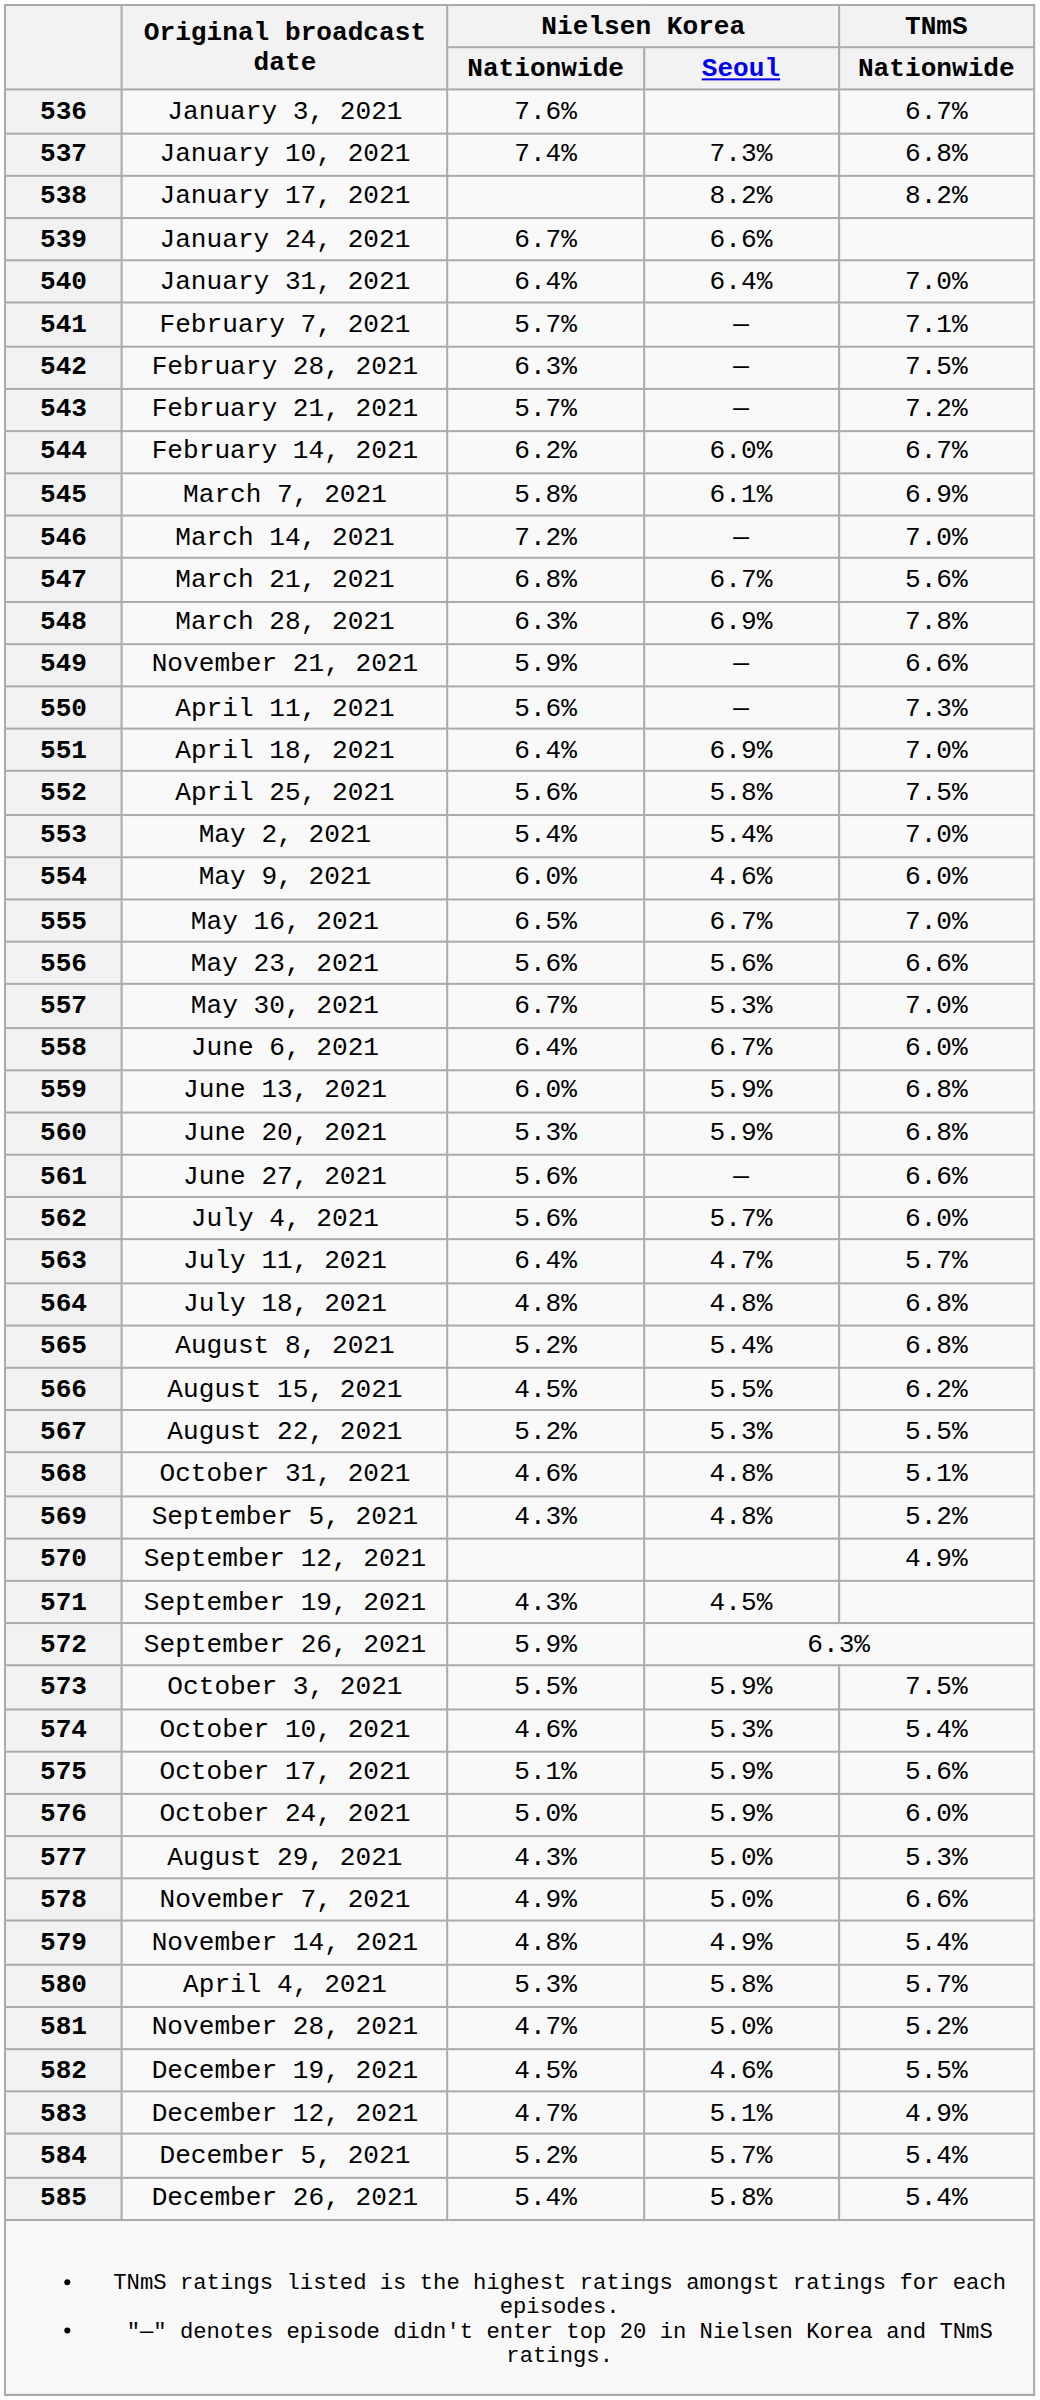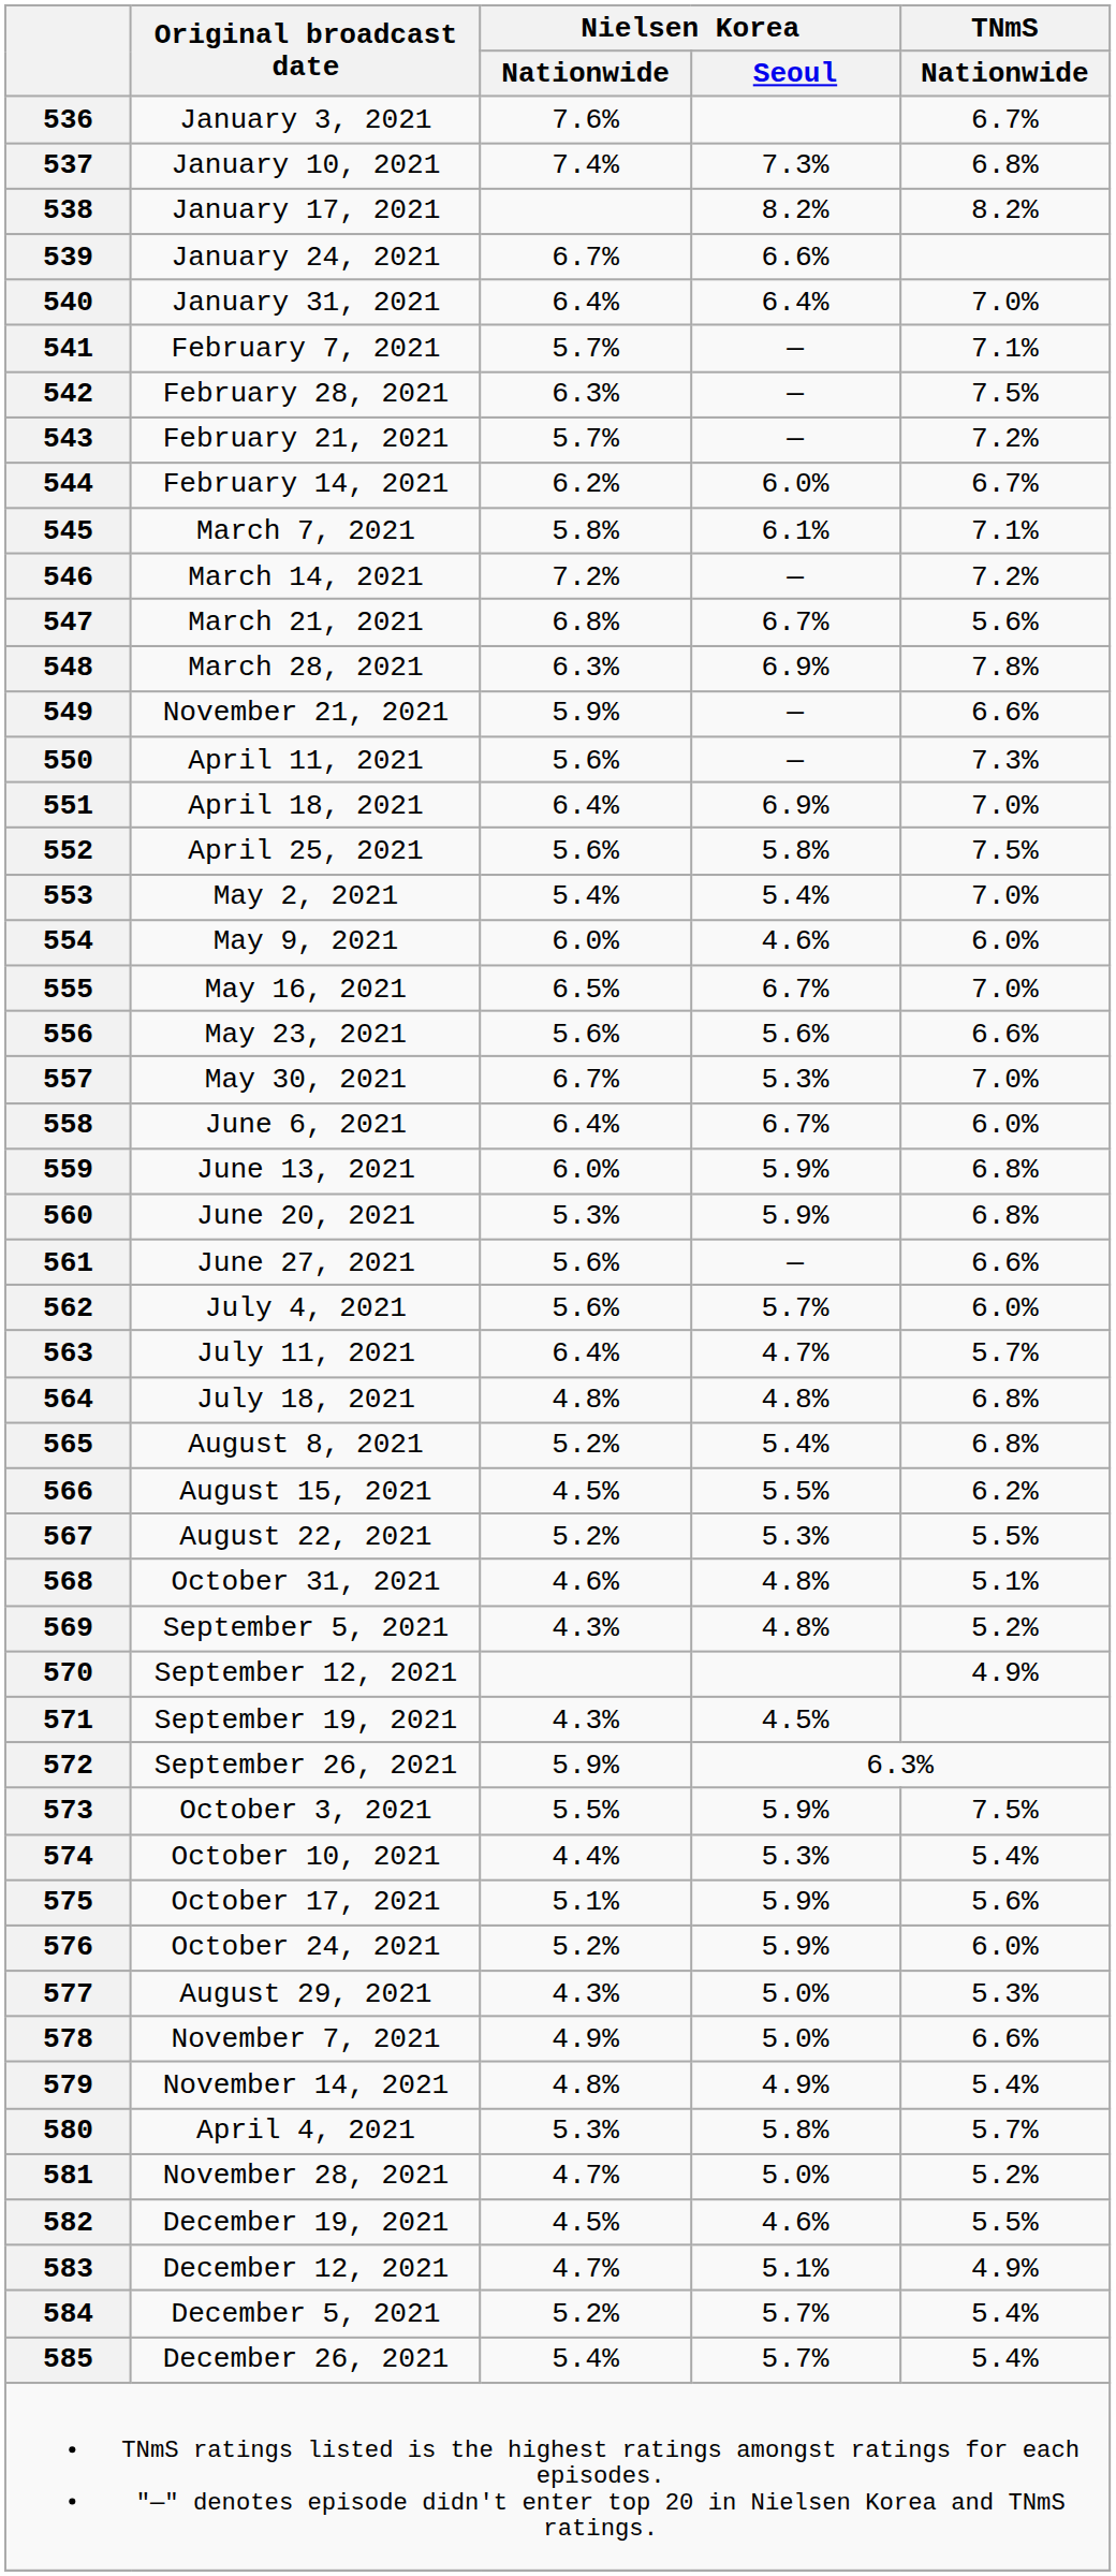 <table class="wikitable sortable" style="text-align:center">
 <tr>
 <th scope="col" rowspan="2" style="width:4em"></th>
 <th scope="col" rowspan="2" style="width:12em">Original broadcast date</th>
 <th scope="col" colspan="2">Nielsen Korea</th>
 <th scope="col">TNmS</th>
 </tr>
 <tr>
 <th scope="col" style="width:7em">Nationwide</th>
 <th scope="col" style="width:7em"><a href='#'>Seoul</a></th>
 <th scope="col" style="width:7em">Nationwide</th>
 </tr>
 <tr>
 <th scope="col">536</th>
 <td>January 3, 2021</td>
 <td>7.6% </td>
 <td><strong></strong> </td>
 <td>6.7% </td>
 </tr>
 <tr>
 <th scope="col">537</th>
 <td>January 10, 2021</td>
 <td>7.4% </td>
 <td>7.3% </td>
 <td>6.8% </td>
 </tr>
 <tr>
 <th scope="col">538</th>
 <td>January 17, 2021</td>
 <td><strong></strong> </td>
 <td>8.2% </td>
 <td>8.2% </td>
 </tr>
 <tr>
 <th scope="col">539</th>
 <td>January 24, 2021</td>
 <td>6.7% </td>
 <td>6.6% </td>
 <td><strong></strong> </td>
 </tr>
 <tr>
 <th scope="col">540</th>
 <td>January 31, 2021</td>
 <td>6.4% </td>
 <td>6.4% </td>
 <td>7.0% </td>
 </tr>
 <tr>
 <th scope="col">541</th>
 <td>February 7, 2021</td>
 <td>5.7% </td>
 <td>—</td>
 <td>7.1% </td>
 </tr>
 <tr>
 <th scope="col">542</th>
 <td>February 28, 2021</td>
 <td>6.3% </td>
 <td>—</td>
 <td>7.5% </td>
 </tr>
 <tr>
 <th scope="col">543</th>
 <td>February 21, 2021</td>
 <td>5.7% </td>
 <td>—</td>
 <td>7.2% </td>
 </tr>
 <tr>
 <th scope="col">544</th>
 <td>February 14, 2021</td>
 <td>6.2% </td>
 <td>6.0% </td>
 <td>6.7% </td>
 </tr>
 <tr>
 <th scope="col">545</th>
 <td>March 7, 2021</td>
 <td>5.8% </td>
 <td>6.1% </td>
-<td>6.9% </td>
+<td>7.1% </td>
 </tr>
 <tr>
 <th scope="col">546</th>
 <td>March 14, 2021</td>
 <td>7.2% </td>
 <td>—</td>
-<td>7.0% </td>
+<td>7.2% </td>
 </tr>
 <tr>
 <th scope="col">547</th>
 <td>March 21, 2021</td>
 <td>6.8% </td>
 <td>6.7% </td>
 <td>5.6% </td>
 </tr>
 <tr>
 <th scope="col">548</th>
 <td>March 28, 2021</td>
 <td>6.3% </td>
 <td>6.9% </td>
 <td>7.8% </td>
 </tr>
 <tr>
 <th scope="col">549</th>
 <td>November 21, 2021</td>
 <td>5.9% </td>
 <td>—</td>
 <td>6.6% </td>
 </tr>
 <tr>
 <th scope="col">550</th>
 <td>April 11, 2021</td>
 <td>5.6% </td>
 <td>—</td>
 <td>7.3% </td>
 </tr>
 <tr>
 <th scope="col">551</th>
 <td>April 18, 2021</td>
 <td>6.4% </td>
 <td>6.9% </td>
 <td>7.0% </td>
 </tr>
 <tr>
 <th scope="col">552</th>
 <td>April 25, 2021</td>
 <td>5.6% </td>
 <td>5.8% </td>
 <td>7.5% </td>
 </tr>
 <tr>
 <th scope="col">553</th>
 <td>May 2, 2021</td>
 <td>5.4% </td>
 <td>5.4% </td>
 <td>7.0% </td>
 </tr>
 <tr>
 <th scope="col">554</th>
 <td>May 9, 2021</td>
 <td>6.0% </td>
 <td>4.6% </td>
 <td>6.0% </td>
 </tr>
 <tr>
 <th scope="col">555</th>
 <td>May 16, 2021</td>
 <td>6.5% </td>
 <td>6.7% </td>
 <td>7.0% </td>
 </tr>
 <tr>
 <th scope="col">556</th>
 <td>May 23, 2021</td>
 <td>5.6% </td>
 <td>5.6% </td>
 <td>6.6% </td>
 </tr>
 <tr>
 <th scope="col">557</th>
 <td>May 30, 2021</td>
 <td>6.7% </td>
 <td>5.3% </td>
 <td>7.0% </td>
 </tr>
 <tr>
 <th scope="col">558</th>
 <td>June 6, 2021</td>
 <td>6.4% </td>
 <td>6.7% </td>
 <td>6.0% </td>
 </tr>
 <tr>
 <th scope="col">559</th>
 <td>June 13, 2021</td>
 <td>6.0% </td>
 <td>5.9% </td>
 <td>6.8% </td>
 </tr>
 <tr>
 <th scope="col">560</th>
 <td>June 20, 2021</td>
 <td>5.3% </td>
 <td>5.9% </td>
 <td>6.8% </td>
 </tr>
 <tr>
 <th scope="col">561</th>
 <td>June 27, 2021</td>
 <td>5.6% </td>
 <td>—</td>
 <td>6.6% </td>
 </tr>
 <tr>
 <th scope="col">562</th>
 <td>July 4, 2021</td>
 <td>5.6% </td>
 <td>5.7% </td>
 <td>6.0% </td>
 </tr>
 <tr>
 <th scope="col">563</th>
 <td>July 11, 2021</td>
 <td>6.4% </td>
 <td>4.7% </td>
 <td>5.7% </td>
 </tr>
 <tr>
 <th scope="col">564</th>
 <td>July 18, 2021</td>
 <td>4.8% </td>
 <td>4.8% </td>
 <td>6.8% </td>
 </tr>
 <tr>
 <th scope="col">565</th>
 <td>August 8, 2021</td>
 <td>5.2% </td>
 <td>5.4% </td>
 <td>6.8% </td>
 </tr>
 <tr>
 <th scope="col">566</th>
 <td>August 15, 2021</td>
 <td>4.5% </td>
 <td>5.5% </td>
 <td>6.2% </td>
 </tr>
 <tr>
 <th scope="col">567</th>
 <td>August 22, 2021</td>
 <td>5.2% </td>
 <td>5.3% </td>
 <td>5.5% </td>
 </tr>
 <tr>
 <th scope="col">568</th>
 <td>October 31, 2021</td>
 <td>4.6% </td>
 <td>4.8% </td>
 <td>5.1% </td>
 </tr>
 <tr>
 <th scope="col">569</th>
 <td>September 5, 2021</td>
 <td>4.3% </td>
 <td>4.8% </td>
 <td>5.2% </td>
 </tr>
 <tr>
 <th scope="col">570</th>
 <td>September 12, 2021</td>
 <td><strong></strong> </td>
 <td><strong></strong> </td>
 <td>4.9% </td>
 </tr>
 <tr>
 <th scope="col">571</th>
 <td>September 19, 2021</td>
 <td>4.3% </td>
 <td>4.5% </td>
 <td><strong></strong> </td>
 </tr>
 <tr>
 <th scope="col">572</th>
 <td>September 26, 2021</td>
 <td>5.9% </td>
 <td colspan="2">6.3% </td>
 </tr>
 <tr>
 <th scope="col">573</th>
 <td>October 3, 2021</td>
 <td>5.5% </td>
 <td>5.9% </td>
 <td>7.5% </td>
 </tr>
 <tr>
 <th scope="col">574</th>
 <td>October 10, 2021</td>
-<td>4.6% </td>
+<td>4.4% </td>
 <td>5.3% </td>
 <td>5.4% </td>
 </tr>
 <tr>
 <th scope="col">575</th>
 <td>October 17, 2021</td>
 <td>5.1% </td>
 <td>5.9% </td>
 <td>5.6% </td>
 </tr>
 <tr>
 <th scope="col">576</th>
 <td>October 24, 2021</td>
-<td>5.0% </td>
+<td>5.2% </td>
 <td>5.9% </td>
 <td>6.0% </td>
 </tr>
 <tr>
 <th scope="col">577</th>
 <td>August 29, 2021</td>
 <td>4.3% </td>
 <td>5.0% </td>
 <td>5.3% </td>
 </tr>
 <tr>
 <th scope="col">578</th>
 <td>November 7, 2021</td>
 <td>4.9% </td>
 <td>5.0% </td>
 <td>6.6% </td>
 </tr>
 <tr>
 <th scope="col">579</th>
 <td>November 14, 2021</td>
 <td>4.8% </td>
 <td>4.9% </td>
 <td>5.4% </td>
 </tr>
 <tr>
 <th scope="col">580</th>
 <td>April 4, 2021</td>
 <td>5.3% </td>
 <td>5.8% </td>
 <td>5.7% </td>
 </tr>
 <tr>
 <th scope="col">581</th>
 <td>November 28, 2021</td>
 <td>4.7% </td>
 <td>5.0% </td>
 <td>5.2% </td>
 </tr>
 <tr>
 <th scope="col">582</th>
 <td>December 19, 2021</td>
 <td>4.5% </td>
 <td>4.6% </td>
 <td>5.5% </td>
 </tr>
 <tr>
 <th scope="col">583</th>
 <td>December 12, 2021</td>
 <td>4.7% </td>
 <td>5.1% </td>
 <td>4.9% </td>
 </tr>
 <tr>
 <th scope="col">584</th>
 <td>December 5, 2021</td>
 <td>5.2% </td>
 <td>5.7% </td>
 <td>5.4% </td>
 </tr>
 <tr>
 <th scope="col">585</th>
 <td>December 26, 2021</td>
 <td>5.4% </td>
-<td>5.8% </td>
+<td>5.7% </td>
 <td>5.4% </td>
 </tr>
 <tr>
 <td colspan="5" style="font-size:85%; text-center:left"><br><ul><li>TNmS ratings listed is the highest ratings amongst ratings for each episodes.</li><li>"—" denotes episode didn't enter top 20 in Nielsen Korea and TNmS ratings.</li></ul></td>
 </tr>
 <tr>
 </tr>
 </table>
